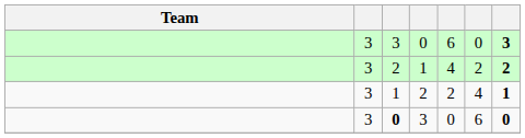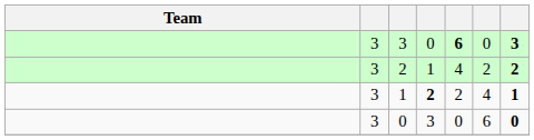 <table class=wikitable style="text-align:center">
 <tr>
 <th width=340>Team</th>
 <th width=20></th>
 <th width=20></th>
 <th width=20></th>
 <th width=20></th>
 <th width=20></th>
 <th width=20></th>
 </tr>
 <tr bgcolor=ccffcc>
 <td style="text-align:left"></td>
 <td>3</td>
 <td>3</td>
 <td>0</td>
-<td>6</td>
+<td><strong>6</strong></td>
 <td>0</td>
 <td><strong>3</strong></td>
 </tr>
 <tr bgcolor=ccffcc>
 <td style="text-align:left"></td>
 <td>3</td>
 <td>2</td>
 <td>1</td>
 <td>4</td>
 <td>2</td>
 <td><strong>2</strong></td>
 </tr>
 <tr>
 <td style="text-align:left"></td>
 <td>3</td>
 <td>1</td>
-<td>2</td>
+<td><strong>2</strong></td>
 <td>2</td>
 <td>4</td>
 <td><strong>1</strong></td>
 </tr>
 <tr>
 <td style="text-align:left"></td>
 <td>3</td>
-<td><strong>0</strong></td>
+<td>0</td>
 <td>3</td>
 <td>0</td>
 <td>6</td>
 <td><strong>0</strong></td>
 </tr>
 <tr>
 </tr>
 </table>
